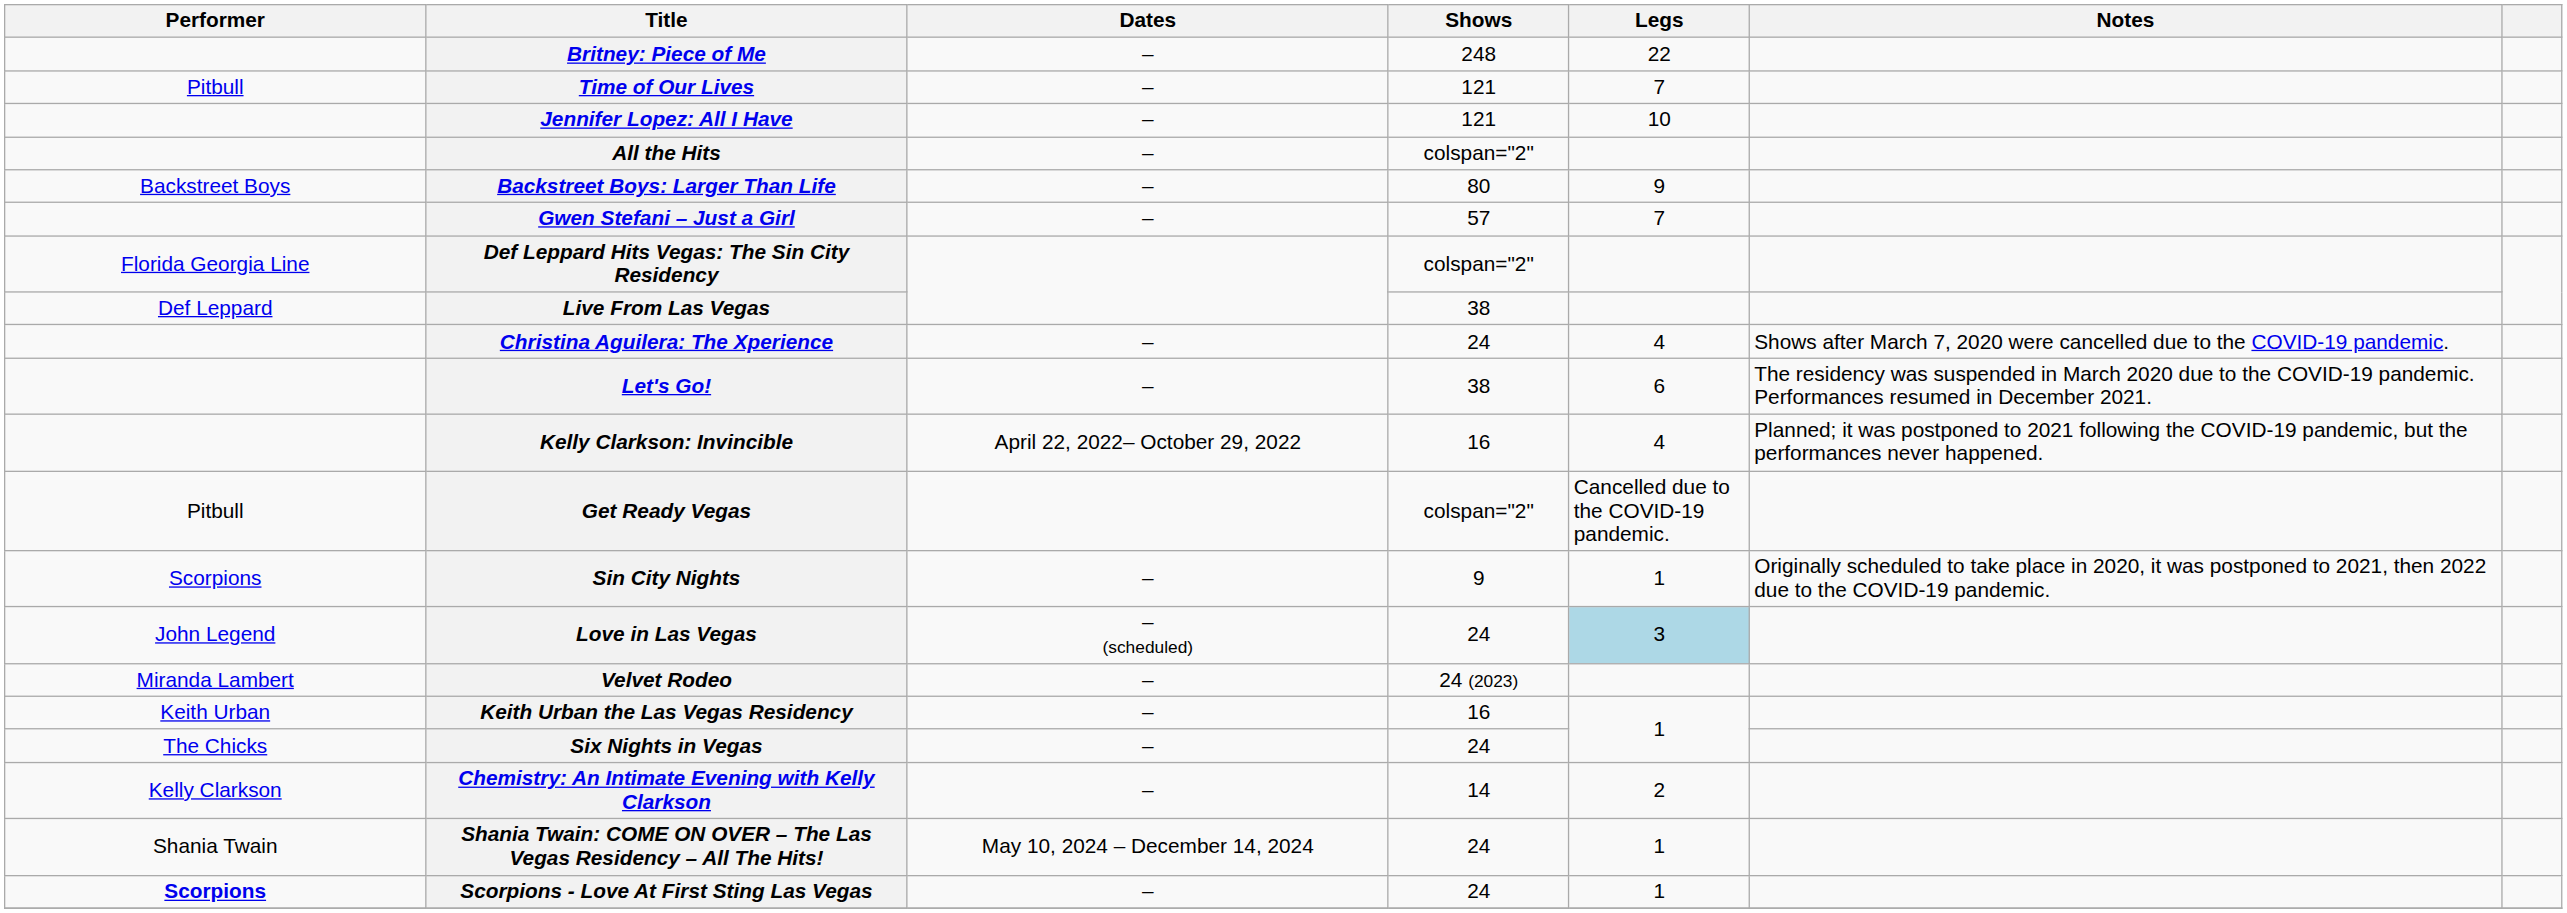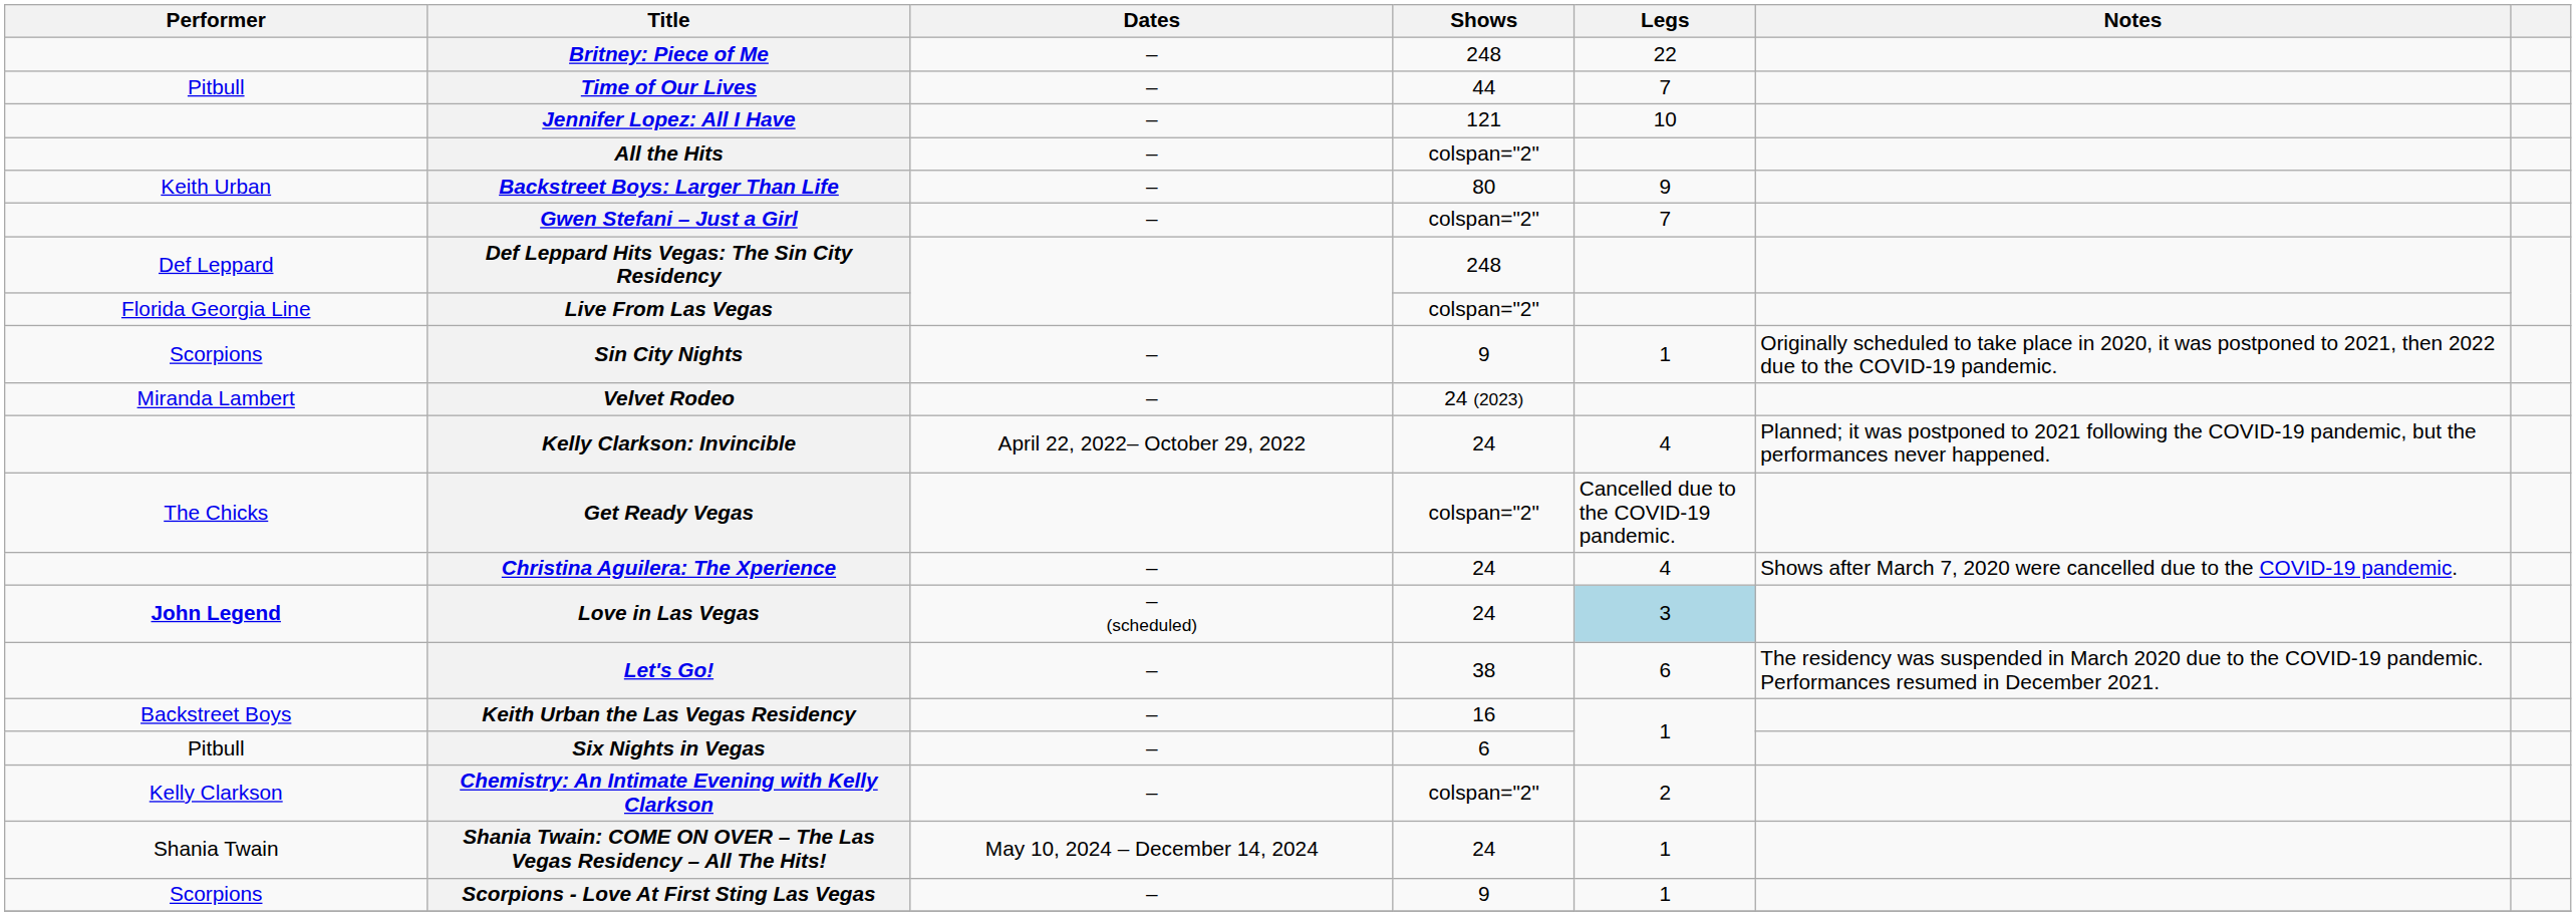 <table class="wikitable sortable plainrowheaders" style="text-align:center; width="85%">
 <tr>
 <th scope="col" width="14%;">Performer</th>
 <th scope="col" width="16%;">Title</th>
 <th scope="col" width="16%;">Dates</th>
 <th scope="col" width="6%;">Shows</th>
 <th scope="col" width="6%;">Legs</th>
 <th scope="col" class="unsortable" width="25%;">Notes</th>
 <th scope="col" class="unsortable" width="2%;"></th>
 </tr>
 <tr>
 <td></td>
 <th scope="row"><em><a href='#'>Britney: Piece of Me</a></em></th>
 <td>–<br></td>
 <td>248</td>
 <td>22</td>
 <td style="text-align:left"></td>
 <td></td>
 </tr>
 <tr>
 <td><a href='#'>Pitbull</a></td>
 <th scope="row"><em><a href='#'>Time of Our Lives</a></em></th>
 <td>–<br></td>
-<td>121</td>
+<td>44</td>
 <td>7</td>
 <td style="text-align:left"></td>
 <td></td>
 </tr>
 <tr>
 <td></td>
 <th scope="row"><em><a href='#'>Jennifer Lopez: All I Have</a></em></th>
 <td>–<br></td>
 <td>121</td>
 <td>10</td>
 <td style="text-align:left"></td>
 <td></td>
 </tr>
 <tr>
 <td></td>
 <th scope="row"><em>All the Hits</em></th>
 <td>–<br></td>
 <td>colspan="2" </td>
 <td style="text-align:left"></td>
 <td></td>
 </tr>
 <tr>
-<td><a href='#'>Backstreet Boys</a></td>
+<td><a href='#'>Keith Urban</a></td>
 <th scope="row"><em><a href='#'>Backstreet Boys: Larger Than Life</a></em></th>
 <td>–<br></td>
 <td>80</td>
 <td>9</td>
 <td style="text-align:left"></td>
 <td></td>
 </tr>
 <tr>
 <td></td>
 <th scope="row"><em><a href='#'>Gwen Stefani – Just a Girl</a></em></th>
 <td>–<br></td>
-<td>57</td>
+<td>colspan="2" </td>
 <td>7</td>
 <td style="text-align:left"></td>
 <td></td>
 </tr>
 <tr>
-<td><a href='#'>Florida Georgia Line</a></td>
+<td><a href='#'>Def Leppard</a></td>
 <th scope="row"><em>Def Leppard Hits Vegas: The Sin City Residency</em></th>
 <td rowspan="2"></td>
+<td>248</td>
+<td style="text-align:left"></td>
+<td></td>
+</tr>
+<tr>
+<td><a href='#'>Florida Georgia Line</a></td>
+<th scope="row"><em>Live From Las Vegas</em></th>
 <td>colspan="2" </td>
 <td style="text-align:left"></td>
 <td></td>
 </tr>
 <tr>
-<td><a href='#'>Def Leppard</a></td>
-<th scope="row"><em>Live From Las Vegas</em></th>
-<td>38</td>
+<td><a href='#'>Scorpions</a></td>
+<th scope="row"><em>Sin City Nights</em></th>
+<td>–<br></td>
+<td>9</td>
+<td>1</td>
+<td style="text-align:left">Originally scheduled to take place in 2020, it was postponed to 2021, then 2022 due to the COVID-19 pandemic.</td>
+<td></td>
+</tr>
+<tr>
+<td><a href='#'>Miranda Lambert</a></td>
+<th scope="row"><em>Velvet Rodeo</em></th>
+<td>–<br></td>
+<td>24 <small>(2023)</small></td>
+<td></td>
 <td style="text-align:left"></td>
+<td></td>
+</tr>
+<tr>
+<td></td>
+<th scope="row"><em>Kelly Clarkson: Invincible</em></th>
+<td>April 22, 2022– October 29, 2022</td>
+<td>24</td>
+<td>4</td>
+<td style="text-align:left">Planned; it was postponed to 2021 following the COVID-19 pandemic, but the performances never happened.</td>
+<td></td>
+</tr>
+<tr>
+<td><a href='#'>The Chicks</a></td>
+<th scope="row"><em>Get Ready Vegas</em></th>
+<td></td>
+<td>colspan="2" </td>
+<td style="text-align:left">Cancelled due to the COVID-19 pandemic.</td>
 <td></td>
 </tr>
 <tr>
 <td></td>
 <th scope="row"><em><a href='#'>Christina Aguilera: The Xperience</a></em></th>
 <td>–<br></td>
 <td>24</td>
 <td>4</td>
 <td style="text-align:left">Shows after March 7, 2020 were cancelled due to the <a href='#'>COVID-19 pandemic</a>.</td>
 <td></td>
 </tr>
 <tr>
+<td><strong><a href='#'>John Legend</a></strong></td>
+<th scope="row"><em>Love in Las Vegas</em></th>
+<td>–<br> <small>(scheduled)</small></td>
+<td>24</td>
+<td style="background: lightblue;">3</td>
+<td style="text-align: left;"></td>
+<td></td>
+</tr>
+<tr>
 <td></td>
 <th scope="row"><em><a href='#'>Let's Go!</a></em></th>
 <td>–<br></td>
 <td>38</td>
 <td>6</td>
 <td style="text-align:left">The residency was suspended in March 2020 due to the COVID-19 pandemic. Performances resumed in December 2021.</td>
 <td></td>
 </tr>
 <tr>
-<td></td>
-<th scope="row"><em>Kelly Clarkson: Invincible</em></th>
-<td>April 22, 2022– October 29, 2022</td>
-<td>16</td>
-<td>4</td>
-<td style="text-align:left">Planned; it was postponed to 2021 following the COVID-19 pandemic, but the performances never happened.</td>
-<td></td>
-</tr>
-<tr>
-<td>Pitbull</td>
-<th scope="row"><em>Get Ready Vegas</em></th>
-<td></td>
-<td>colspan="2" </td>
-<td style="text-align:left">Cancelled due to the COVID-19 pandemic.</td>
-<td></td>
-</tr>
-<tr>
-<td><a href='#'>Scorpions</a></td>
-<th scope="row"><em>Sin City Nights</em></th>
-<td>–<br></td>
-<td>9</td>
-<td>1</td>
-<td style="text-align:left">Originally scheduled to take place in 2020, it was postponed to 2021, then 2022 due to the COVID-19 pandemic.</td>
-<td></td>
-</tr>
-<tr>
-<td><a href='#'>John Legend</a></td>
-<th scope="row"><em>Love in Las Vegas</em></th>
-<td>–<br> <small>(scheduled)</small></td>
-<td>24</td>
-<td style="background: lightblue;">3</td>
-<td style="text-align: left;"></td>
-<td></td>
-</tr>
-<tr>
-<td><a href='#'>Miranda Lambert</a></td>
-<th scope="row"><em>Velvet Rodeo</em></th>
-<td>–<br></td>
-<td>24 <small>(2023)</small></td>
-<td></td>
-<td style="text-align:left"></td>
-<td></td>
-</tr>
-<tr>
-<td><a href='#'>Keith Urban</a></td>
+<td><a href='#'>Backstreet Boys</a></td>
 <th scope="row"><em>Keith Urban the Las Vegas Residency</em></th>
 <td>–<br></td>
 <td>16</td>
 <td rowspan="2">1</td>
 <td style="text-align:left"></td>
 <td></td>
 </tr>
 <tr>
-<td><a href='#'>The Chicks</a></td>
+<td>Pitbull</td>
 <th scope="row"><em>Six Nights in Vegas</em></th>
 <td>–<br></td>
-<td>24</td>
+<td>6</td>
 <td style="text-align:left"></td>
 <td></td>
 </tr>
 <tr>
 <td><a href='#'>Kelly Clarkson</a></td>
 <th scope="row"><em><a href='#'>Chemistry: An Intimate Evening with Kelly Clarkson</a></em></th>
 <td>–<br></td>
-<td>14</td>
+<td>colspan="2" </td>
 <td>2</td>
 <td style="text-align:left"></td>
 <td></td>
 </tr>
 <tr>
 <td>Shania Twain</td>
 <th scope="row"><em>Shania Twain: COME ON OVER – The Las Vegas Residency – All The Hits!</em></th>
 <td>May 10, 2024 – December 14, 2024</td>
 <td>24</td>
 <td>1</td>
 <td style="text-align:left"></td>
 <td></td>
 </tr>
 <tr>
-<td><strong><a href='#'>Scorpions</a></strong></td>
+<td><a href='#'>Scorpions</a></td>
 <th scope="row"><em>Scorpions - Love At First Sting Las Vegas</em></th>
 <td>–<br></td>
-<td>24</td>
+<td>9</td>
 <td>1</td>
 <td style="text-align:left"></td>
 <td></td>
 </tr>
 <tr>
 </tr>
 </table>
